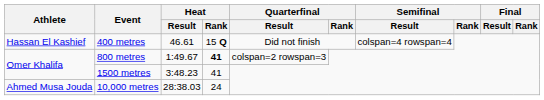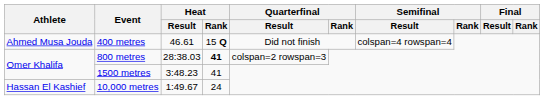 <table class=wikitable style=font-size:90%>
 <tr>
 <th rowspan=2>Athlete</th>
 <th rowspan=2>Event</th>
 <th colspan=2>Heat</th>
 <th colspan=2>Quarterfinal</th>
 <th colspan=2>Semifinal</th>
 <th colspan=2>Final</th>
 </tr>
 <tr style=font-size:95%>
 <th>Result</th>
 <th>Rank</th>
 <th>Result</th>
 <th>Rank</th>
 <th>Result</th>
 <th>Rank</th>
 <th>Result</th>
 <th>Rank</th>
 </tr>
 <tr align=center>
-<td align=left><a href='#'>Hassan El Kashief</a></td>
+<td align=left><a href='#'>Ahmed Musa Jouda</a></td>
 <td align=left><a href='#'>400 metres</a></td>
 <td>46.61</td>
 <td>15 <strong>Q</strong></td>
 <td colspan=2>Did not finish</td>
 <td>colspan=4 rowspan=4 </td>
 </tr>
 <tr align=center>
 <td align=left rowspan=2><a href='#'>Omer Khalifa</a></td>
 <td align=left><a href='#'>800 metres</a></td>
-<td>1:49.67</td>
+<td>28:38.03</td>
 <td><strong>41</strong></td>
 <td>colspan=2 rowspan=3 </td>
 </tr>
 <tr align=center>
 <td align=left><a href='#'>1500 metres</a></td>
 <td>3:48.23</td>
 <td>41</td>
 </tr>
 <tr align=center>
-<td align=left><a href='#'>Ahmed Musa Jouda</a></td>
+<td align=left><a href='#'>Hassan El Kashief</a></td>
 <td align=left><a href='#'>10,000 metres</a></td>
-<td>28:38.03</td>
+<td>1:49.67</td>
 <td>24</td>
 </tr>
 </table>
